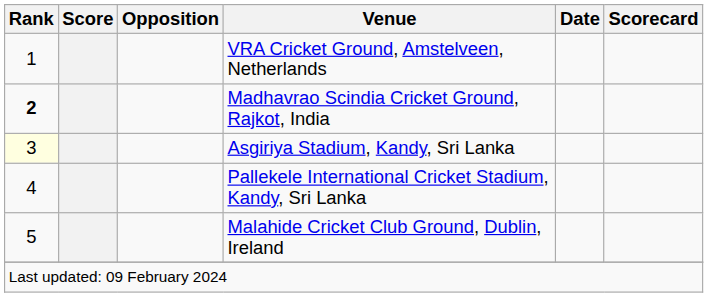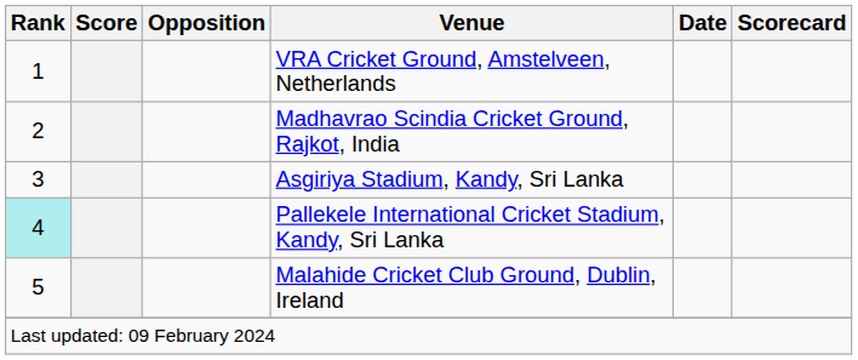 <table class="wikitable plainrowheaders sortable">
 <tr>
 <th scope=col>Rank</th>
 <th scope=col>Score</th>
 <th scope=col>Opposition</th>
 <th scope=col>Venue</th>
 <th scope=col>Date</th>
 <th scope=col>Scorecard</th>
 </tr>
 <tr>
 <td align=center>1</td>
 <th scope=row style=text-align:center;></th>
 <td></td>
 <td><a href='#'>VRA Cricket Ground</a>, <a href='#'>Amstelveen</a>, Netherlands</td>
 <td></td>
 <td></td>
 </tr>
 <tr>
-<td align=center><strong>2</strong></td>
+<td align=center>2</td>
 <th scope=row style=text-align:center;></th>
 <td></td>
 <td><a href='#'>Madhavrao Scindia Cricket Ground</a>, <a href='#'>Rajkot</a>, India</td>
 <td></td>
 <td></td>
 </tr>
 <tr>
-<td align=center style="background: lightyellow;">3</td>
+<td align=center>3</td>
 <th scope=row style=text-align:center;></th>
 <td></td>
 <td><a href='#'>Asgiriya Stadium</a>, <a href='#'>Kandy</a>, Sri Lanka</td>
 <td> </td>
 <td></td>
 </tr>
 <tr>
-<td align="center">4</td>
+<td align="center" style="background: paleturquoise;">4</td>
 <th scope="row" style="text-align:center;"></th>
 <td></td>
 <td><a href='#'>Pallekele International Cricket Stadium</a>, <a href='#'>Kandy</a>, Sri Lanka</td>
 <td></td>
 <td></td>
 </tr>
 <tr>
 <td align="center">5</td>
 <th scope="row" style="text-align:center;"></th>
 <td></td>
 <td><a href='#'>Malahide Cricket Club Ground</a>, <a href='#'>Dublin</a>, Ireland</td>
 <td></td>
 <td></td>
 </tr>
 <tr>
 </tr>
 <tr class=sortbottom>
 <td colspan=6><small>Last updated: 09 February 2024</small></td>
 </tr>
 </table>
